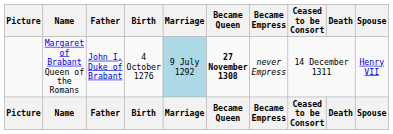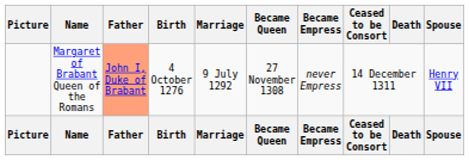 <table width=95% class="wikitable">
 <tr>
 <th>Picture</th>
 <th>Name</th>
 <th>Father</th>
 <th>Birth</th>
 <th>Marriage</th>
 <th>Became Queen</th>
 <th>Became Empress</th>
 <th>Ceased to be Consort</th>
 <th>Death</th>
 <th>Spouse</th>
 </tr>
 <tr>
 <td align=center></td>
 <td align=center><a href='#'>Margaret of Brabant</a><br>Queen of the Romans</td>
-<td align="center"><a href='#'>John I, Duke of Brabant</a></td>
+<td align="center" style="background: lightsalmon;"><a href='#'>John I, Duke of Brabant</a></td>
 <td align="center">4 October 1276</td>
-<td align="center" style="background: lightblue;">9 July 1292</td>
-<td align="center"><strong>27 November 1308</strong></td>
+<td align="center">9 July 1292</td>
+<td align="center">27 November 1308</td>
 <td align="center"><em>never Empress</em></td>
 <td align="center" colspan="2">14 December 1311</td>
 <td align="center"><a href='#'>Henry VII</a></td>
 </tr>
 <tr>
 <th>Picture</th>
 <th>Name</th>
 <th>Father</th>
 <th>Birth</th>
 <th>Marriage</th>
 <th>Became Queen</th>
 <th>Became Empress</th>
 <th>Ceased to be Consort</th>
 <th>Death</th>
 <th>Spouse</th>
 </tr>
 </table>
